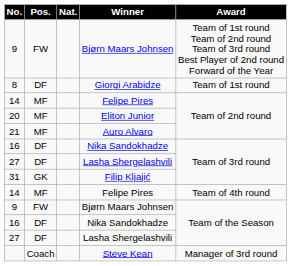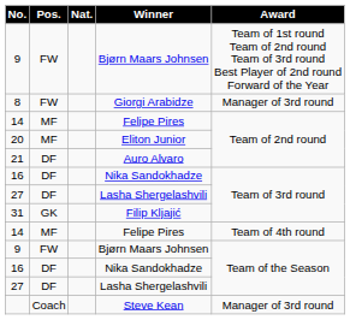 <table class="wikitable" style="text-align:center; font-size:90%; ">
 <tr>
 <th style="background:#000000; color:white; width=70">No.</th>
 <th style="background:#000000; color:white; width=70">Pos.</th>
 <th style="background:#000000; color:white; width=70">Nat.</th>
 <th style="background:#000000; color:white; width=200">Winner</th>
 <th style="background:#000000; color:white; width=260">Award</th>
 </tr>
 <tr>
 <td>9</td>
 <td>FW</td>
 <td></td>
 <td><a href='#'>Bjørn Maars Johnsen</a></td>
 <td>Team of 1st round<br>Team of 2nd round<br>Team of 3rd round<br>Best Player of 2nd round<br>Forward of the Year</td>
 </tr>
 <tr>
 <td>8</td>
-<td>DF</td>
+<td>FW</td>
 <td></td>
 <td><a href='#'>Giorgi Arabidze</a></td>
-<td>Team of 1st round</td>
+<td>Manager of 3rd round</td>
 </tr>
 <tr>
 <td>14</td>
 <td>MF</td>
 <td></td>
 <td><a href='#'>Felipe Pires</a></td>
 <td rowspan="3">Team of 2nd round</td>
 </tr>
 <tr>
 <td>20</td>
 <td>MF</td>
 <td></td>
 <td><a href='#'>Eliton Junior</a></td>
 </tr>
 <tr>
 <td>21</td>
-<td>MF</td>
+<td>DF</td>
 <td></td>
 <td><a href='#'>Auro Alvaro</a></td>
 </tr>
 <tr>
 <td>16</td>
 <td>DF</td>
 <td></td>
 <td><a href='#'>Nika Sandokhadze</a></td>
 <td rowspan="3">Team of 3rd round</td>
 </tr>
 <tr>
 <td>27</td>
 <td>DF</td>
 <td></td>
 <td><a href='#'>Lasha Shergelashvili</a></td>
 </tr>
 <tr>
 <td>31</td>
 <td>GK</td>
 <td></td>
 <td><a href='#'>Filip Kljajić</a></td>
 </tr>
 <tr>
 <td>14</td>
 <td>MF</td>
 <td></td>
 <td>Felipe Pires</td>
 <td>Team of 4th round</td>
 </tr>
 <tr>
 <td>9</td>
 <td>FW</td>
 <td></td>
 <td>Bjørn Maars Johnsen</td>
 <td rowspan="3">Team of the Season</td>
 </tr>
 <tr>
 <td>16</td>
 <td>DF</td>
 <td></td>
 <td>Nika Sandokhadze</td>
 </tr>
 <tr>
 <td>27</td>
 <td>DF</td>
 <td></td>
 <td>Lasha Shergelashvili</td>
 </tr>
 <tr>
 <td></td>
 <td>Coach</td>
 <td></td>
 <td><a href='#'>Steve Kean</a></td>
 <td>Manager of 3rd round</td>
 </tr>
 </table>
